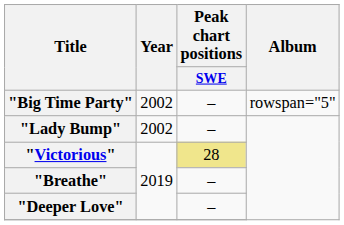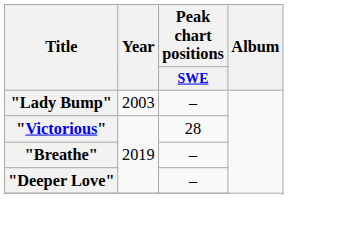 <table class="wikitable plainrowheaders" style="text-align:center">
 <tr>
 <th scope="col" rowspan="2">Title</th>
 <th scope="col" rowspan="2">Year</th>
 <th scope="col" colspan="1">Peak chart positions</th>
 <th scope="col" rowspan="2">Album</th>
 </tr>
 <tr>
 <th scope="col" style="width:3em;font-size:85%;"><a href='#'>SWE</a><br></th>
 </tr>
 <tr>
-<th scope="row">"Big Time Party"</th>
-<td>2002</td>
-<td>–</td>
-<td>rowspan="5" </td>
-</tr>
-<tr>
 <th scope="row">"Lady Bump"</th>
-<td>2002</td>
+<td>2003</td>
 <td>–</td>
 </tr>
 <tr>
 <th scope="row">"<a href='#'>Victorious</a>"</th>
 <td rowspan="3">2019</td>
-<td style="background: khaki;">28</td>
+<td>28</td>
 </tr>
 <tr>
 <th scope="row">"Breathe"</th>
 <td>–</td>
 </tr>
 <tr>
 <th scope="row">"Deeper Love"</th>
 <td>–</td>
 </tr>
 <tr>
 </tr>
 </table>
